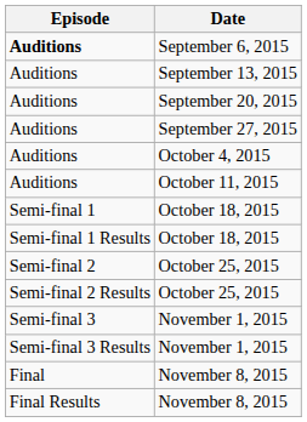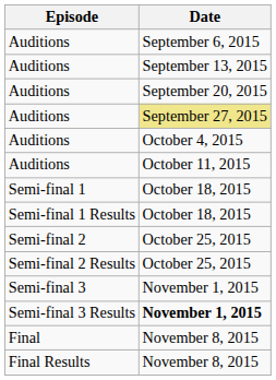 <table class="wikitable">
 <tr>
 <th>Episode</th>
 <th>Date</th>
 </tr>
 <tr>
-<td><strong>Auditions</strong></td>
+<td>Auditions</td>
 <td>September 6, 2015</td>
 </tr>
 <tr>
 <td>Auditions</td>
 <td>September 13, 2015</td>
 </tr>
 <tr>
 <td>Auditions</td>
 <td>September 20, 2015</td>
 </tr>
 <tr>
 <td>Auditions</td>
-<td>September 27, 2015</td>
+<td style="background: khaki;">September 27, 2015</td>
 </tr>
 <tr>
 <td>Auditions</td>
 <td>October 4, 2015</td>
 </tr>
 <tr>
 <td>Auditions</td>
 <td>October 11, 2015</td>
 </tr>
 <tr>
 <td>Semi-final 1</td>
 <td>October 18, 2015</td>
 </tr>
 <tr>
 <td>Semi-final 1 Results</td>
 <td>October 18, 2015</td>
 </tr>
 <tr>
 <td>Semi-final 2</td>
 <td>October 25, 2015</td>
 </tr>
 <tr>
 <td>Semi-final 2 Results</td>
 <td>October 25, 2015</td>
 </tr>
 <tr>
 <td>Semi-final 3</td>
 <td>November 1, 2015</td>
 </tr>
 <tr>
 <td>Semi-final 3 Results</td>
-<td>November 1, 2015</td>
+<td><strong>November 1, 2015</strong></td>
 </tr>
 <tr>
 <td>Final</td>
 <td>November 8, 2015</td>
 </tr>
 <tr>
 <td>Final Results</td>
 <td>November 8, 2015</td>
 </tr>
 </table>
